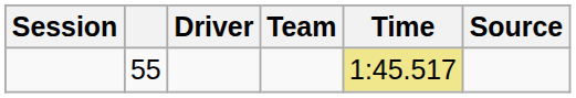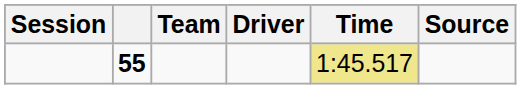 <table class="wikitable" style="font-size: 85%">
 <tr>
 <th>Session</th>
 <th></th>
+<th>Team</th>
 <th>Driver</th>
-<th>Team</th>
 <th>Time</th>
 <th>Source</th>
 </tr>
 <tr>
 <td></td>
-<td align="center">55</td>
+<td align="center"><strong>55</strong></td>
 <td></td>
 <td></td>
 <td style="background: khaki;">1:45.517</td>
 <td align=center></td>
 </tr>
 </table>
